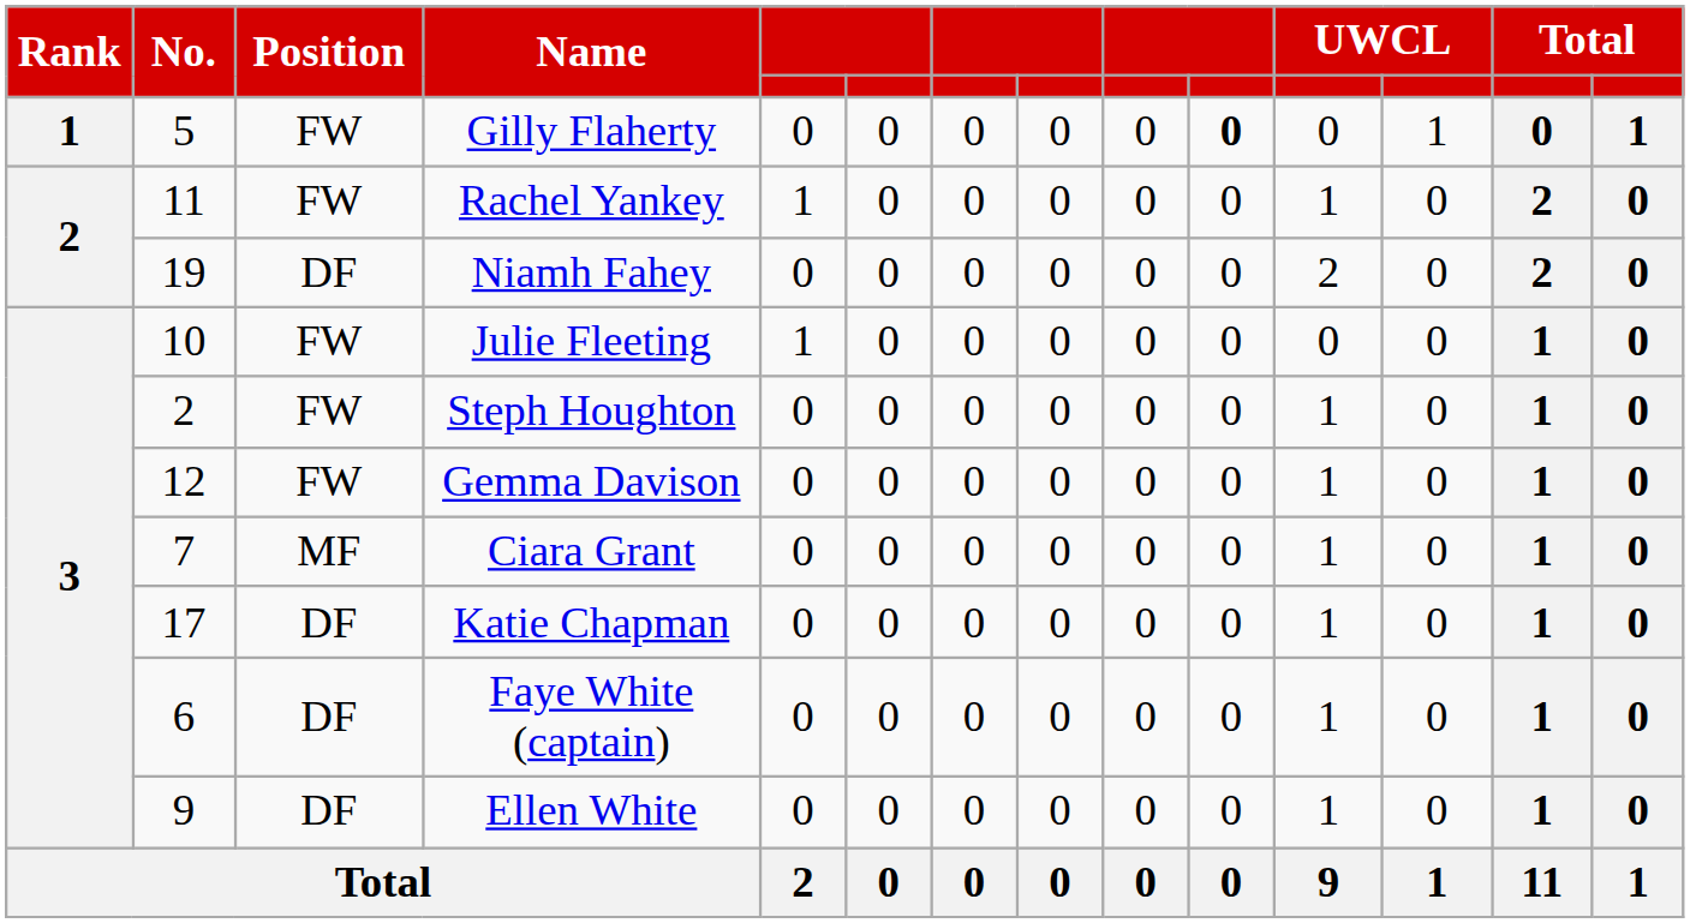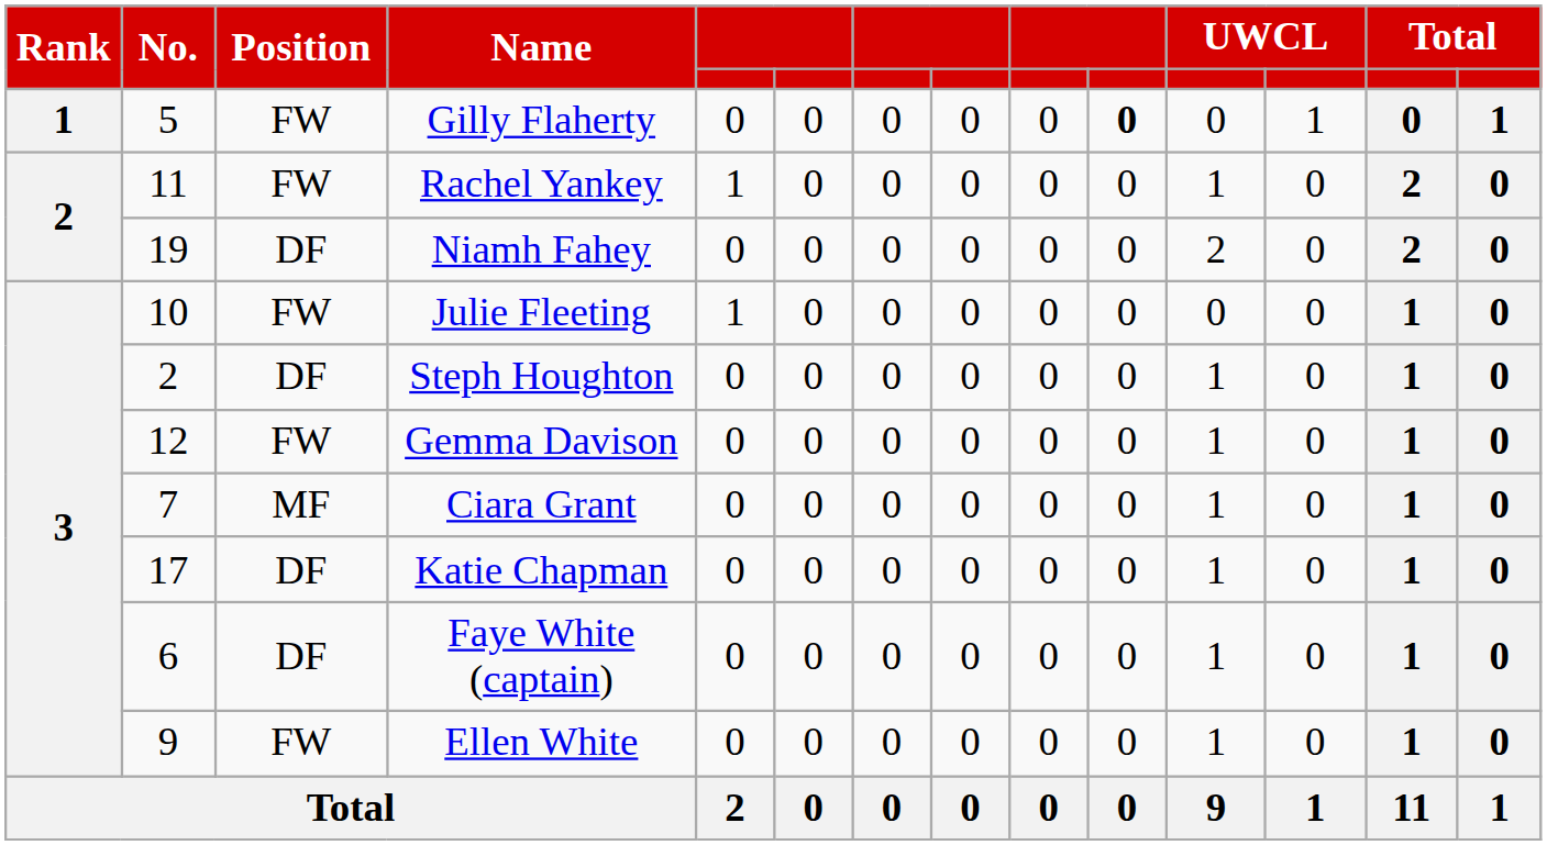 <table class="wikitable" style="text-align:center; font-size:100%; ">
 <tr>
 <th style="background:#d50000; color:white; text-align:center; width:40px" rowspan="2">Rank</th>
 <th style="background:#d50000; color:white; text-align:center; width:40px" rowspan="2">No.</th>
 <th rowspan="2" style="background:#d50000; color:white; text-align:center; width:70px">Position</th>
 <th style="background:#d50000; color:white; text-align:center; width:200px" rowspan="2">Name</th>
 <th style="background:#d50000; color:white; text-align:center;" colspan="2"><a href='#'></a></th>
 <th style="background:#d50000; color:white; text-align:center;" colspan="2"><a href='#'></a></th>
 <th style="background:#d50000; color:white; text-align:center;" colspan="2"></th>
 <th style="background:#d50000; color:white; text-align:center;" colspan="2">UWCL</th>
 <th colspan="2" style="background:#d50000; color:white; text-align:center;">Total</th>
 </tr>
 <tr>
 <th style="background:#d50000; color:white; text-align:center; width:50px;"></th>
 <th style="background:#d50000; color:white; text-align:center; width:50px;"></th>
 <th style="background:#d50000; color:white; text-align:center; width:50px;"></th>
 <th style="background:#d50000; color:white; text-align:center; width:50px;"></th>
 <th style="background:#d50000; color:white; text-align:center; width:50px;"></th>
 <th style="background:#d50000; color:white; text-align:center; width:50px;"></th>
 <th style="background:#d50000; color:white; text-align:center; width:50px;"></th>
 <th style="background:#d50000; color:white; text-align:center; width:50px;"></th>
 <th style="background:#d50000; color:white; text-align:center; width:50px;"></th>
 <th style="background:#d50000; color:white; text-align:center; width:50px;"></th>
 </tr>
 <tr>
 <th>1</th>
 <td>5</td>
 <td>FW</td>
 <td> <a href='#'>Gilly Flaherty</a></td>
 <td>0</td>
 <td>0</td>
 <td>0</td>
 <td>0</td>
 <td>0</td>
 <td><strong>0</strong></td>
 <td>0</td>
 <td>1</td>
 <th>0</th>
 <th>1</th>
 </tr>
 <tr>
 <th rowspan="2">2</th>
 <td>11</td>
 <td>FW</td>
 <td> <a href='#'>Rachel Yankey</a></td>
 <td>1</td>
 <td>0</td>
 <td>0</td>
 <td>0</td>
 <td>0</td>
 <td>0</td>
 <td>1</td>
 <td>0</td>
 <th>2</th>
 <th>0</th>
 </tr>
 <tr>
 <td>19</td>
 <td>DF</td>
 <td> <a href='#'>Niamh Fahey</a></td>
 <td>0</td>
 <td>0</td>
 <td>0</td>
 <td>0</td>
 <td>0</td>
 <td>0</td>
 <td>2</td>
 <td>0</td>
 <th>2</th>
 <th>0</th>
 </tr>
 <tr>
 <th rowspan="7">3</th>
 <td>10</td>
 <td>FW</td>
 <td> <a href='#'>Julie Fleeting</a></td>
 <td>1</td>
 <td>0</td>
 <td>0</td>
 <td>0</td>
 <td>0</td>
 <td>0</td>
 <td>0</td>
 <td>0</td>
 <th>1</th>
 <th>0</th>
 </tr>
 <tr>
 <td>2</td>
-<td>FW</td>
+<td>DF</td>
 <td> <a href='#'>Steph Houghton</a></td>
 <td>0</td>
 <td>0</td>
 <td>0</td>
 <td>0</td>
 <td>0</td>
 <td>0</td>
 <td>1</td>
 <td>0</td>
 <th>1</th>
 <th>0</th>
 </tr>
 <tr>
 <td>12</td>
 <td>FW</td>
 <td> <a href='#'>Gemma Davison</a></td>
 <td>0</td>
 <td>0</td>
 <td>0</td>
 <td>0</td>
 <td>0</td>
 <td>0</td>
 <td>1</td>
 <td>0</td>
 <th>1</th>
 <th>0</th>
 </tr>
 <tr>
 <td>7</td>
 <td>MF</td>
 <td> <a href='#'>Ciara Grant</a></td>
 <td>0</td>
 <td>0</td>
 <td>0</td>
 <td>0</td>
 <td>0</td>
 <td>0</td>
 <td>1</td>
 <td>0</td>
 <th>1</th>
 <th>0</th>
 </tr>
 <tr>
 <td>17</td>
 <td>DF</td>
 <td><em></em> <a href='#'>Katie Chapman</a></td>
 <td>0</td>
 <td>0</td>
 <td>0</td>
 <td>0</td>
 <td>0</td>
 <td>0</td>
 <td>1</td>
 <td>0</td>
 <th>1</th>
 <th>0</th>
 </tr>
 <tr>
 <td>6</td>
 <td>DF</td>
 <td> <a href='#'>Faye White</a> (<a href='#'>captain</a>)</td>
 <td>0</td>
 <td>0</td>
 <td>0</td>
 <td>0</td>
 <td>0</td>
 <td>0</td>
 <td>1</td>
 <td>0</td>
 <th>1</th>
 <th>0</th>
 </tr>
 <tr>
 <td>9</td>
-<td>DF</td>
+<td>FW</td>
 <td> <a href='#'>Ellen White</a></td>
 <td>0</td>
 <td>0</td>
 <td>0</td>
 <td>0</td>
 <td>0</td>
 <td>0</td>
 <td>1</td>
 <td>0</td>
 <th>1</th>
 <th>0</th>
 </tr>
 <tr>
 <th colspan="4">Total</th>
 <th>2</th>
 <th>0</th>
 <th>0</th>
 <th>0</th>
 <th>0</th>
 <th>0</th>
 <th>9</th>
 <th>1</th>
 <th>11</th>
 <th>1</th>
 </tr>
 </table>
